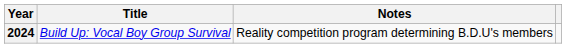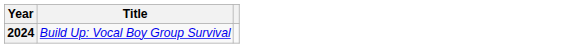 <table class="wikitable plainrowheaders sortable">
 <tr>
 <th scope="col">Year</th>
 <th scope="col">Title</th>
-<th scope="col" class="unsortable">Notes</th>
 <th scope="col" class="unsortable"></th>
 </tr>
 <tr>
 <th scope="row">2024</th>
 <td><em><a href='#'>Build Up: Vocal Boy Group Survival</a></em></td>
-<td>Reality competition program determining B.D.U's members</td>
 <td style="text-align:center"></td>
 </tr>
 </table>
